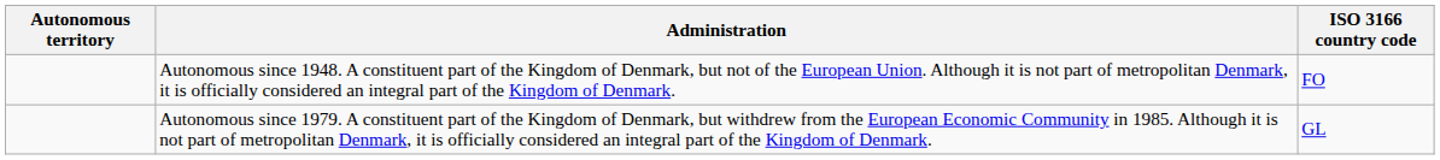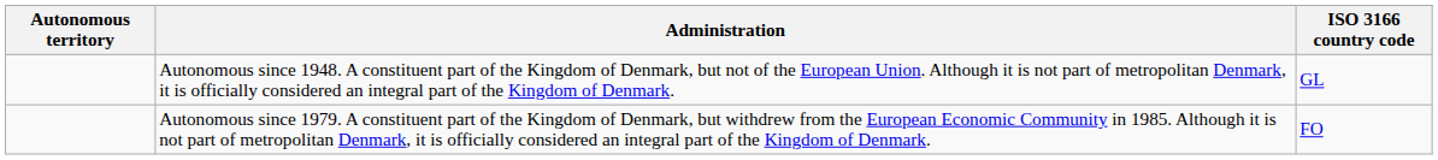 <table class="wikitable sortable">
 <tr>
 <th>Autonomous territory</th>
 <th>Administration</th>
 <th>ISO 3166 country code</th>
 </tr>
 <tr>
 <td></td>
 <td>Autonomous since 1948. A constituent part of the Kingdom of Denmark, but not of the <a href='#'>European Union</a>. Although it is not part of metropolitan <a href='#'>Denmark</a>, it is officially considered an integral part of the <a href='#'>Kingdom of Denmark</a>.</td>
-<td><a href='#'>FO</a></td>
+<td><a href='#'>GL</a></td>
 </tr>
 <tr>
 <td></td>
 <td>Autonomous since 1979. A constituent part of the Kingdom of Denmark, but withdrew from the <a href='#'>European Economic Community</a> in 1985. Although it is not part of metropolitan <a href='#'>Denmark</a>, it is officially considered an integral part of the <a href='#'>Kingdom of Denmark</a>.</td>
-<td><a href='#'>GL</a></td>
+<td><a href='#'>FO</a></td>
 </tr>
 </table>
